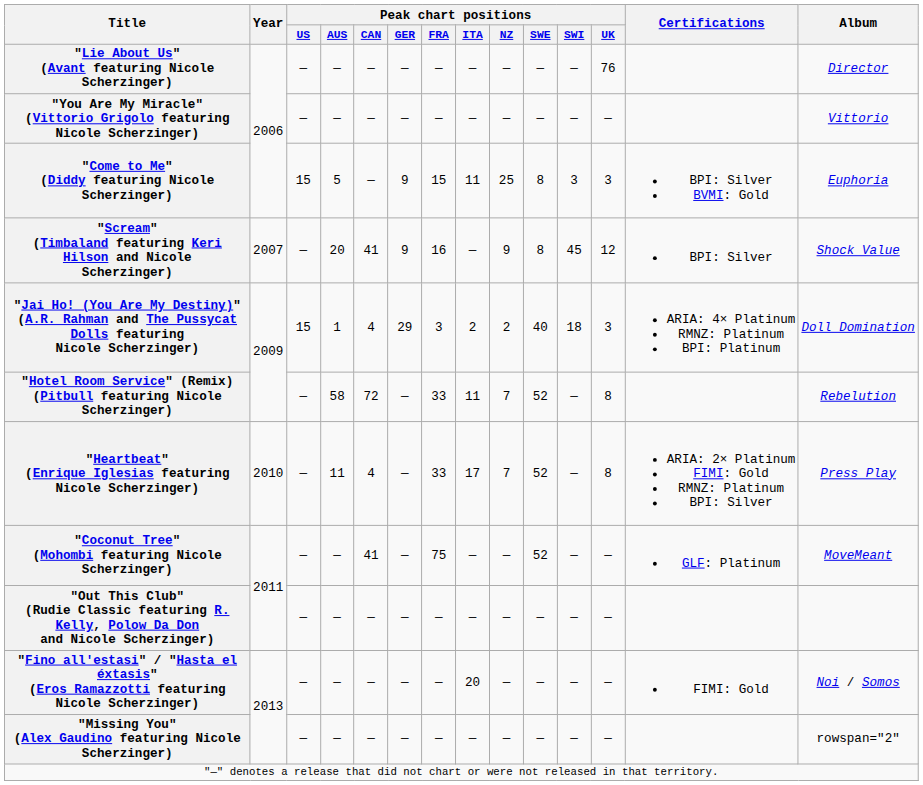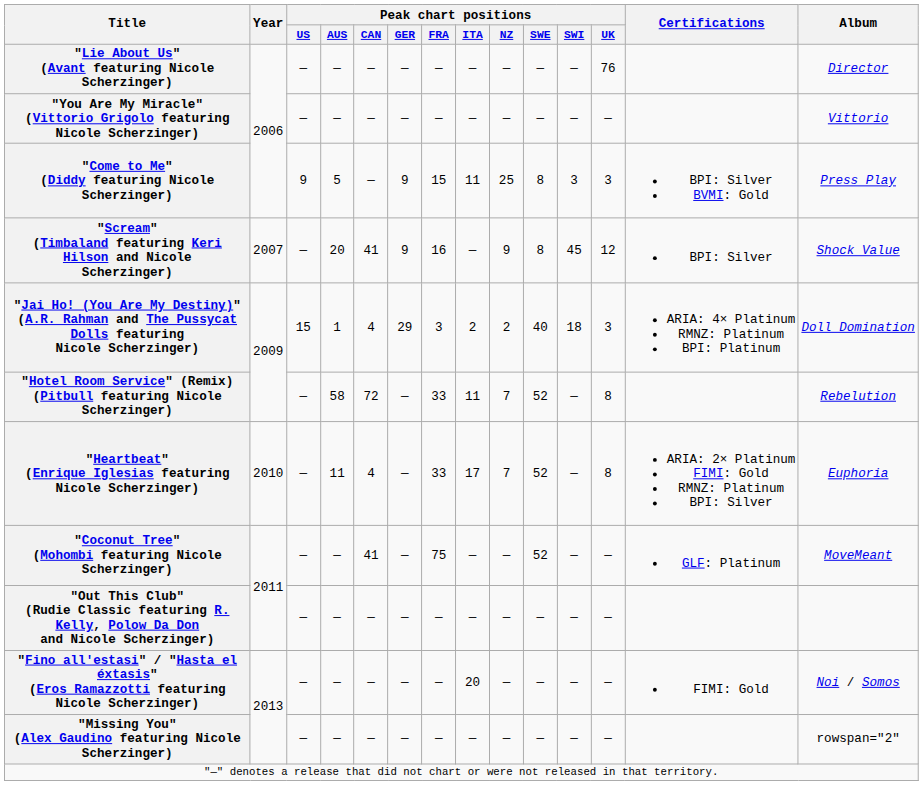 <table class="wikitable plainrowheaders" style="text-align:center;">
 <tr>
 <th scope="col" rowspan="2" style="width:19em;">Title</th>
 <th scope="col" rowspan="2">Year</th>
 <th colspan="10" scope="col">Peak chart positions</th>
 <th scope="col" rowspan="2"><a href='#'>Certifications</a></th>
 <th scope="col" rowspan="2">Album</th>
 </tr>
 <tr>
 <th scope="col" style="width:2.5em;font-size:90%;"><a href='#'>US</a><br></th>
 <th scope="col" style="width:2.5em;font-size:90%;"><a href='#'>AUS</a><br></th>
 <th scope="col" style="width:2.5em;font-size:90%;"><a href='#'>CAN</a><br></th>
 <th scope="col" style="width:2.5em;font-size:90%;"><a href='#'>GER</a><br></th>
 <th scope="col" style="width:2.5em;font-size:90%;"><a href='#'>FRA</a><br></th>
 <th scope="col" style="width:2.5em;font-size:90%;"><a href='#'>ITA</a><br></th>
 <th scope="col" style="width:2.5em;font-size:90%;"><a href='#'>NZ</a><br></th>
 <th scope="col" style="width:2.5em;font-size:90%;"><a href='#'>SWE</a><br></th>
 <th scope="col" style="width:2.5em;font-size:90%;"><a href='#'>SWI</a><br></th>
 <th scope="col" style="width:2.5em;font-size:90%;"><a href='#'>UK</a><br></th>
 </tr>
 <tr>
 <th scope="row">"<a href='#'>Lie About Us</a>"<br><span>(<a href='#'>Avant</a> featuring Nicole Scherzinger)</span></th>
 <td rowspan="3">2006</td>
 <td>—</td>
 <td>—</td>
 <td>—</td>
 <td>—</td>
 <td>—</td>
 <td>—</td>
 <td>—</td>
 <td>—</td>
 <td>—</td>
 <td>76</td>
 <td></td>
 <td><em><a href='#'>Director</a></em></td>
 </tr>
 <tr>
 <th scope="row">"You Are My Miracle"<br><span>(<a href='#'>Vittorio Grigolo</a> featuring Nicole Scherzinger)</span></th>
 <td>—</td>
 <td>—</td>
 <td>—</td>
 <td>—</td>
 <td>—</td>
 <td>—</td>
 <td>—</td>
 <td>—</td>
 <td>—</td>
 <td>—</td>
 <td></td>
 <td><em><a href='#'>Vittorio</a></em></td>
 </tr>
 <tr>
 <th scope="row">"<a href='#'>Come to Me</a>"<br><span>(<a href='#'>Diddy</a> featuring Nicole Scherzinger)</span></th>
-<td>15</td>
+<td>9</td>
 <td>5</td>
 <td>—</td>
 <td>9</td>
 <td>15</td>
 <td>11</td>
 <td>25</td>
 <td>8</td>
 <td>3</td>
 <td>3</td>
 <td><br><ul><li>BPI: Silver</li><li><a href='#'>BVMI</a>: Gold</li></ul></td>
-<td><em><a href='#'>Euphoria</a></em></td>
+<td><em><a href='#'>Press Play</a></em></td>
 </tr>
 <tr>
 <th scope="row">"<a href='#'>Scream</a>"<br><span>(<a href='#'>Timbaland</a> featuring <a href='#'>Keri Hilson</a> and Nicole<br>Scherzinger)</span></th>
 <td>2007</td>
 <td>—</td>
 <td>20</td>
 <td>41</td>
 <td>9</td>
 <td>16</td>
 <td>—</td>
 <td>9</td>
 <td>8</td>
 <td>45</td>
 <td>12</td>
 <td><br><ul><li>BPI: Silver</li></ul></td>
 <td><em><a href='#'>Shock Value</a></em></td>
 </tr>
 <tr>
 <th scope="row">"<a href='#'>Jai Ho! (You Are My Destiny)</a>"<br><span>(<a href='#'>A.R. Rahman</a> and <a href='#'>The Pussycat Dolls</a> featuring<br>Nicole Scherzinger)</span></th>
 <td rowspan="2">2009</td>
 <td>15</td>
 <td>1</td>
 <td>4</td>
 <td>29</td>
 <td>3</td>
 <td>2</td>
 <td>2</td>
 <td>40</td>
 <td>18</td>
 <td>3</td>
 <td><br><ul><li>ARIA: 4× Platinum</li><li>RMNZ: Platinum</li><li>BPI: Platinum</li></ul></td>
 <td><em><a href='#'>Doll Domination</a></em></td>
 </tr>
 <tr>
 <th scope="row">"<a href='#'>Hotel Room Service</a>" (Remix)<br><span>(<a href='#'>Pitbull</a> featuring Nicole Scherzinger)</span></th>
 <td>—</td>
 <td>58</td>
 <td>72</td>
 <td>—</td>
 <td>33</td>
 <td>11</td>
 <td>7</td>
 <td>52</td>
 <td>—</td>
 <td>8</td>
 <td></td>
 <td><em><a href='#'>Rebelution</a></em></td>
 </tr>
 <tr>
 <th scope="row">"<a href='#'>Heartbeat</a>"<br><span>(<a href='#'>Enrique Iglesias</a> featuring Nicole Scherzinger)</span></th>
 <td>2010</td>
 <td>—</td>
 <td>11</td>
 <td>4</td>
 <td>—</td>
 <td>33</td>
 <td>17</td>
 <td>7</td>
 <td>52</td>
 <td>—</td>
 <td>8</td>
 <td><br><ul><li>ARIA: 2× Platinum</li><li><a href='#'>FIMI</a>: Gold</li><li>RMNZ: Platinum</li><li>BPI: Silver</li></ul></td>
-<td><em><a href='#'>Press Play</a></em></td>
+<td><em><a href='#'>Euphoria</a></em></td>
 </tr>
 <tr>
 <th scope="row">"<a href='#'>Coconut Tree</a>"<br><span>(<a href='#'>Mohombi</a> featuring Nicole Scherzinger)</span></th>
 <td rowspan="2">2011</td>
 <td>—</td>
 <td>—</td>
 <td>41</td>
 <td>—</td>
 <td>75</td>
 <td>—</td>
 <td>—</td>
 <td>52</td>
 <td>—</td>
 <td>—</td>
 <td><br><ul><li><a href='#'>GLF</a>: Platinum</li></ul></td>
 <td><em><a href='#'>MoveMeant</a></em></td>
 </tr>
 <tr>
 <th scope="row">"Out This Club"<br><span>(Rudie Classic featuring <a href='#'>R. Kelly</a>, <a href='#'>Polow Da Don</a><br>and Nicole Scherzinger)</span></th>
 <td>—</td>
 <td>—</td>
 <td>—</td>
 <td>—</td>
 <td>—</td>
 <td>—</td>
 <td>—</td>
 <td>—</td>
 <td>—</td>
 <td>—</td>
 <td></td>
 <td></td>
 </tr>
 <tr>
 <th scope="row">"<a href='#'>Fino all'estasi</a>" / "<a href='#'>Hasta el éxtasis</a>"<br><span>(<a href='#'>Eros Ramazzotti</a> featuring Nicole Scherzinger)</span></th>
 <td rowspan="2">2013</td>
 <td>—</td>
 <td>—</td>
 <td>—</td>
 <td>—</td>
 <td>—</td>
 <td>20</td>
 <td>—</td>
 <td>—</td>
 <td>—</td>
 <td>—</td>
 <td><br><ul><li>FIMI: Gold</li></ul></td>
 <td><em><a href='#'>Noi</a></em> / <em><a href='#'>Somos</a></em></td>
 </tr>
 <tr>
 <th scope="row">"Missing You"<br><span>(<a href='#'>Alex Gaudino</a> featuring Nicole Scherzinger)</span></th>
 <td>—</td>
 <td>—</td>
 <td>—</td>
 <td>—</td>
 <td>—</td>
 <td>—</td>
 <td>—</td>
 <td>—</td>
 <td>—</td>
 <td>—</td>
 <td></td>
 <td>rowspan="2" </td>
 </tr>
 <tr>
 <td colspan="16"  style="text-align:center; font-size:85%">"—" denotes a release that did not chart or were not released in that territory.</td>
 </tr>
 </table>
